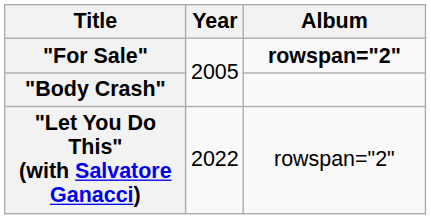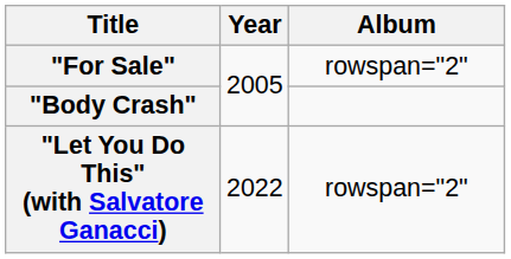 <table class="wikitable plainrowheaders" style="text-align:center;">
 <tr>
 <th scope="col" style="width:8em;">Title</th>
 <th scope="col" style="width:1em;">Year</th>
 <th scope="col" style="width:8em;">Album</th>
 </tr>
 <tr>
 <th scope="row">"For Sale"</th>
 <td rowspan="2">2005</td>
-<td><strong>rowspan="2" </strong></td>
+<td>rowspan="2" </td>
 </tr>
 <tr>
 <th scope="row">"Body Crash"</th>
 </tr>
 <tr>
 <th scope="row">"Let You Do This"<br><span>(with <a href='#'>Salvatore Ganacci</a>)</span></th>
 <td rowspan="2">2022</td>
 <td>rowspan="2" </td>
 </tr>
 </table>
